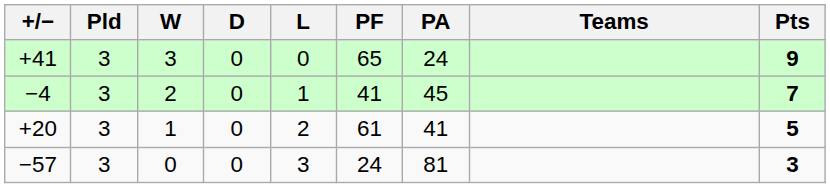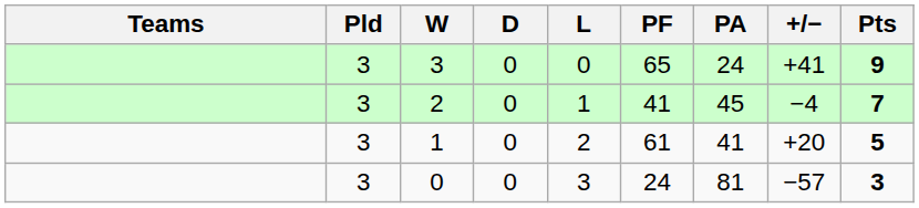 <table class="wikitable" style="text-align: center;">
 <tr>
-<th width="40">+/−</th>
+<th width="200">Teams</th>
 <th width="40">Pld</th>
 <th width="40">W</th>
 <th width="40">D</th>
 <th width="40">L</th>
 <th width="40">PF</th>
 <th width="40">PA</th>
-<th width="200">Teams</th>
+<th width="40">+/−</th>
 <th width="40">Pts</th>
 </tr>
 <tr bgcolor=ccffcc>
-<td>+41</td>
+<td align=left></td>
 <td>3</td>
 <td>3</td>
 <td>0</td>
 <td>0</td>
 <td>65</td>
 <td>24</td>
-<td align=left></td>
+<td>+41</td>
 <td><strong>9</strong></td>
 </tr>
 <tr bgcolor=ccffcc>
-<td>−4</td>
+<td align=left></td>
 <td>3</td>
 <td>2</td>
 <td>0</td>
 <td>1</td>
 <td>41</td>
 <td>45</td>
-<td align=left></td>
+<td>−4</td>
 <td><strong>7</strong></td>
 </tr>
 <tr>
-<td>+20</td>
+<td align=left></td>
 <td>3</td>
 <td>1</td>
 <td>0</td>
 <td>2</td>
 <td>61</td>
 <td>41</td>
-<td align=left></td>
+<td>+20</td>
 <td><strong>5</strong></td>
 </tr>
 <tr>
-<td>−57</td>
+<td align=left></td>
 <td>3</td>
 <td>0</td>
 <td>0</td>
 <td>3</td>
 <td>24</td>
 <td>81</td>
-<td align=left></td>
+<td>−57</td>
 <td><strong>3</strong></td>
 </tr>
 </table>
